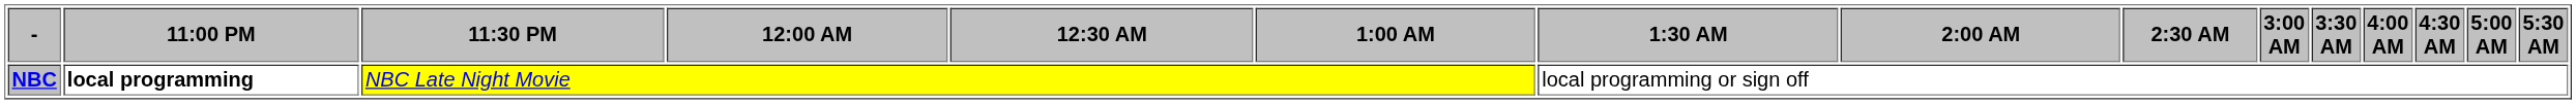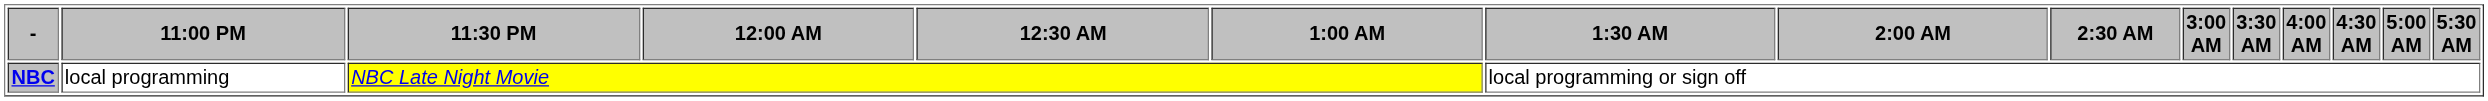 <table border="1" cellpadding="2">
 <tr>
 <th bgcolor="#C0C0C0">-</th>
 <th width="13%" bgcolor="#C0C0C0">11:00 PM</th>
 <th width="14%" bgcolor="#C0C0C0">11:30 PM</th>
 <th width="13%" bgcolor="#C0C0C0">12:00 AM</th>
 <th width="14%" bgcolor="#C0C0C0">12:30 AM</th>
 <th width="13%" bgcolor="#C0C0C0">1:00 AM</th>
 <th width="14%" bgcolor="#C0C0C0">1:30 AM</th>
 <th width="13%" bgcolor="#C0C0C0">2:00 AM</th>
 <th width="14%" bgcolor="#C0C0C0">2:30 AM</th>
 <th width="13%" bgcolor="#C0C0C0">3:00 AM</th>
 <th width="14%" bgcolor="#C0C0C0">3:30 AM</th>
 <th width="13%" bgcolor="#C0C0C0">4:00 AM</th>
 <th width="14%" bgcolor="#C0C0C0">4:30 AM</th>
 <th width="13%" bgcolor="#C0C0C0">5:00 AM</th>
 <th width="14%" bgcolor="#C0C0C0">5:30 AM</th>
 </tr>
 <tr>
 <th bgcolor="#C0C0C0"><a href='#'>NBC</a></th>
-<td bgcolor="white"><strong>local programming</strong></td>
+<td bgcolor="white">local programming</td>
 <td bgcolor="yellow" colspan="4"><a href='#'><em>NBC Late Night Movie</em></a></td>
 <td bgcolor="white" colspan="9">local programming or sign off</td>
 </tr>
 </table>
